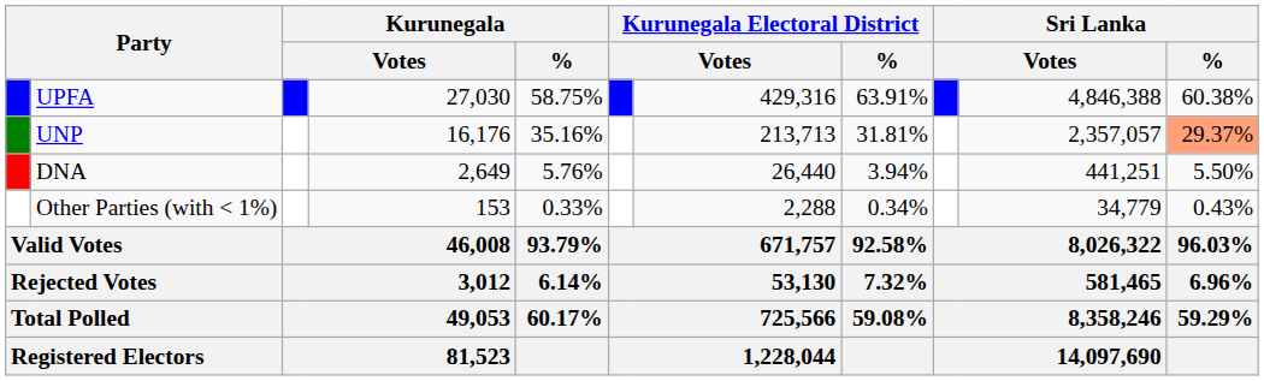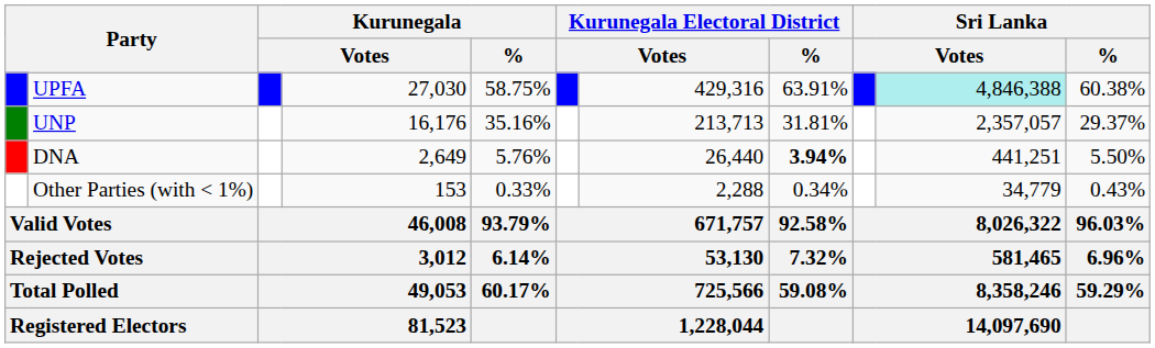 <table class="wikitable">
 <tr>
 <th colspan="2" width="144px"rowspan="2">Party</th>
 <th colspan="3" width="216px">Kurunegala</th>
 <th colspan="3" width="216px"><a href='#'>Kurunegala Electoral District</a></th>
 <th colspan="3" width="216px">Sri Lanka</th>
 </tr>
 <tr>
 <th colspan="2" width="144px">Votes</th>
 <th>%</th>
 <th colspan="2" width="144px">Votes</th>
 <th>%</th>
 <th colspan="2" width="144px">Votes</th>
 <th>%</th>
 </tr>
 <tr>
 <td style="background-color:blue;" width="10px"></td>
 <td style="text-align:left;"><a href='#'>UPFA</a></td>
 <td style="background-color:blue;" width="10px"></td>
 <td style="text-align:right;">27,030</td>
 <td style="text-align:right;">58.75%</td>
 <td style="background-color:blue;" width="10px"></td>
 <td style="text-align:right;">429,316</td>
 <td style="text-align:right;">63.91%</td>
 <td style="background-color:blue;" width="10px"></td>
-<td style="text-align:right;">4,846,388</td>
+<td style="background: paleturquoise; text-align:right;">4,846,388</td>
 <td style="text-align:right;">60.38%</td>
 </tr>
 <tr>
 <td style="background-color:green;" width="10px"></td>
 <td style="text-align:left;"><a href='#'>UNP</a></td>
 <td style="background-color:white;" width="10px"></td>
 <td style="text-align:right;">16,176</td>
 <td style="text-align:right;">35.16%</td>
 <td style="background-color:white;" width="10px"></td>
 <td style="text-align:right;">213,713</td>
 <td style="text-align:right;">31.81%</td>
 <td style="background-color:white;" width="10px"></td>
 <td style="text-align:right;">2,357,057</td>
-<td style="background: lightsalmon; text-align:right;">29.37%</td>
+<td style="text-align:right;">29.37%</td>
 </tr>
 <tr>
 <td style="background-color:red;" width="10px"></td>
 <td style="text-align:left;">DNA</td>
 <td style="background-color:white;" width="10px"></td>
 <td style="text-align:right;">2,649</td>
 <td style="text-align:right;">5.76%</td>
 <td style="background-color:white;" width="10px"></td>
 <td style="text-align:right;">26,440</td>
-<td style="text-align:right;">3.94%</td>
+<td style="text-align:right;"><strong>3.94%</strong></td>
 <td style="background-color:white;" width="10px"></td>
 <td style="text-align:right;">441,251</td>
 <td style="text-align:right;">5.50%</td>
 </tr>
 <tr>
 <td style="background-color:white;" width="10px"></td>
 <td style="text-align:left;">Other Parties (with < 1%)</td>
 <td style="background-color:white;" width="10px"></td>
 <td style="text-align:right;">153</td>
 <td style="text-align:right;">0.33%</td>
 <td style="background-color:white;" width="10px"></td>
 <td style="text-align:right;">2,288</td>
 <td style="text-align:right;">0.34%</td>
 <td style="background-color:white;" width="10px"></td>
 <td style="text-align:right;">34,779</td>
 <td style="text-align:right;">0.43%</td>
 </tr>
 <tr>
 <th colspan="2" width="144px"style="text-align:left;">Valid Votes</th>
 <th style="text-align:right;"colspan="2" width="144px">46,008</th>
 <th style="text-align:right;">93.79%</th>
 <th style="text-align:right;"colspan="2" width="144px">671,757</th>
 <th style="text-align:right;">92.58%</th>
 <th style="text-align:right;"colspan="2" width="144px">8,026,322</th>
 <th style="text-align:right;">96.03%</th>
 </tr>
 <tr>
 <th colspan="2" width="144px"style="text-align:left;">Rejected Votes</th>
 <th style="text-align:right;"colspan="2" width="144px">3,012</th>
 <th style="text-align:right;">6.14%</th>
 <th style="text-align:right;"colspan="2" width="144px">53,130</th>
 <th style="text-align:right;">7.32%</th>
 <th style="text-align:right;"colspan="2" width="144px">581,465</th>
 <th style="text-align:right;">6.96%</th>
 </tr>
 <tr>
 <th colspan="2" width="144px"style="text-align:left;">Total Polled</th>
 <th style="text-align:right;"colspan="2" width="144px">49,053</th>
 <th style="text-align:right;">60.17%</th>
 <th style="text-align:right;"colspan="2" width="144px">725,566</th>
 <th style="text-align:right;">59.08%</th>
 <th style="text-align:right;"colspan="2" width="144px">8,358,246</th>
 <th style="text-align:right;">59.29%</th>
 </tr>
 <tr>
 <th colspan="2" width="144px"style="text-align:left;">Registered Electors</th>
 <th style="text-align:right;"colspan="2" width="144px">81,523</th>
 <th></th>
 <th style="text-align:right;"colspan="2" width="144px">1,228,044</th>
 <th></th>
 <th style="text-align:right;"colspan="2" width="144px">14,097,690</th>
 <th></th>
 </tr>
 </table>
